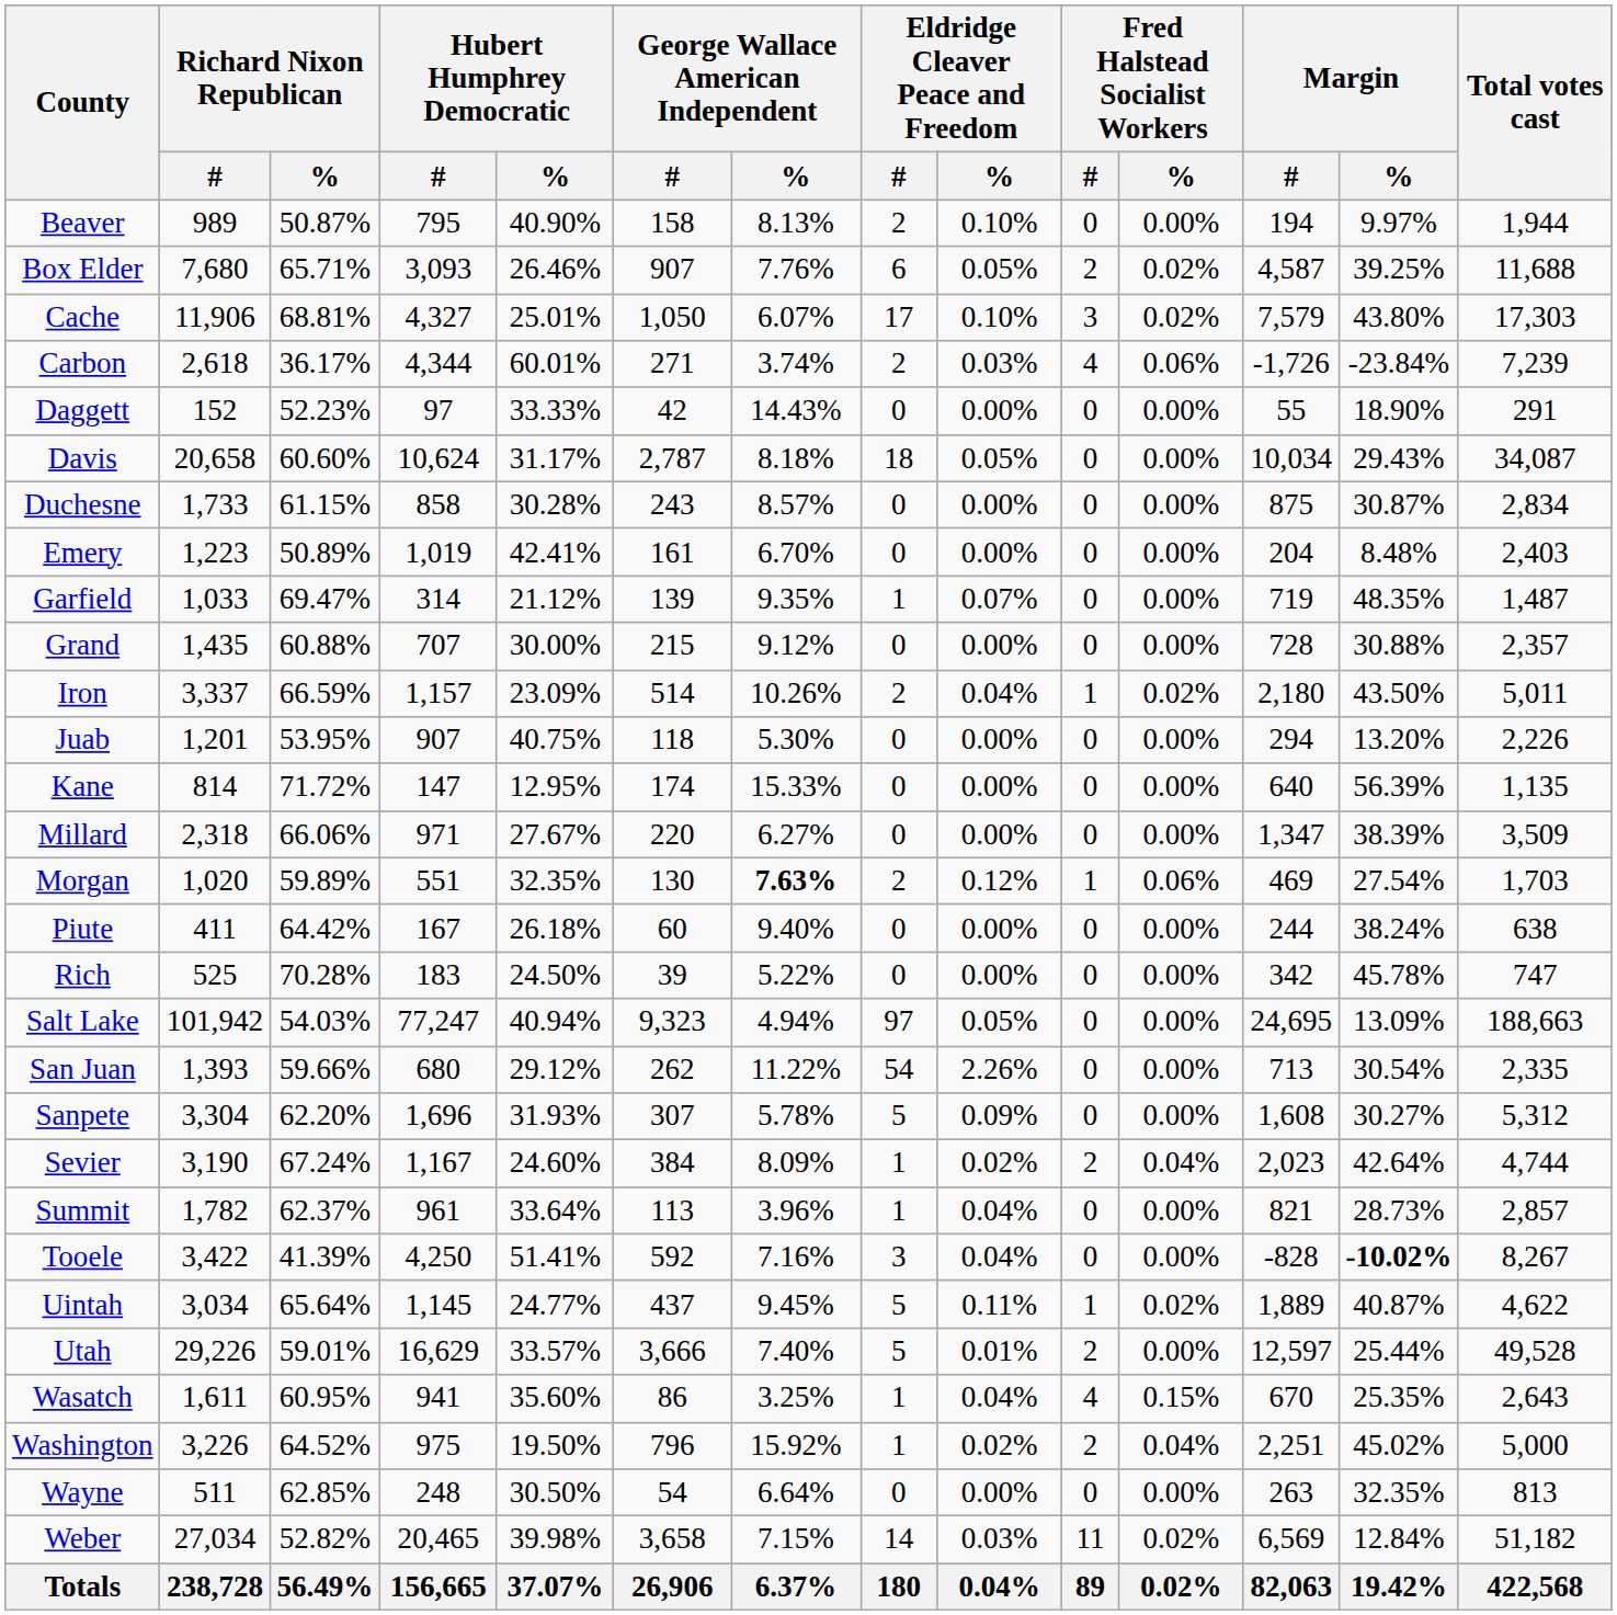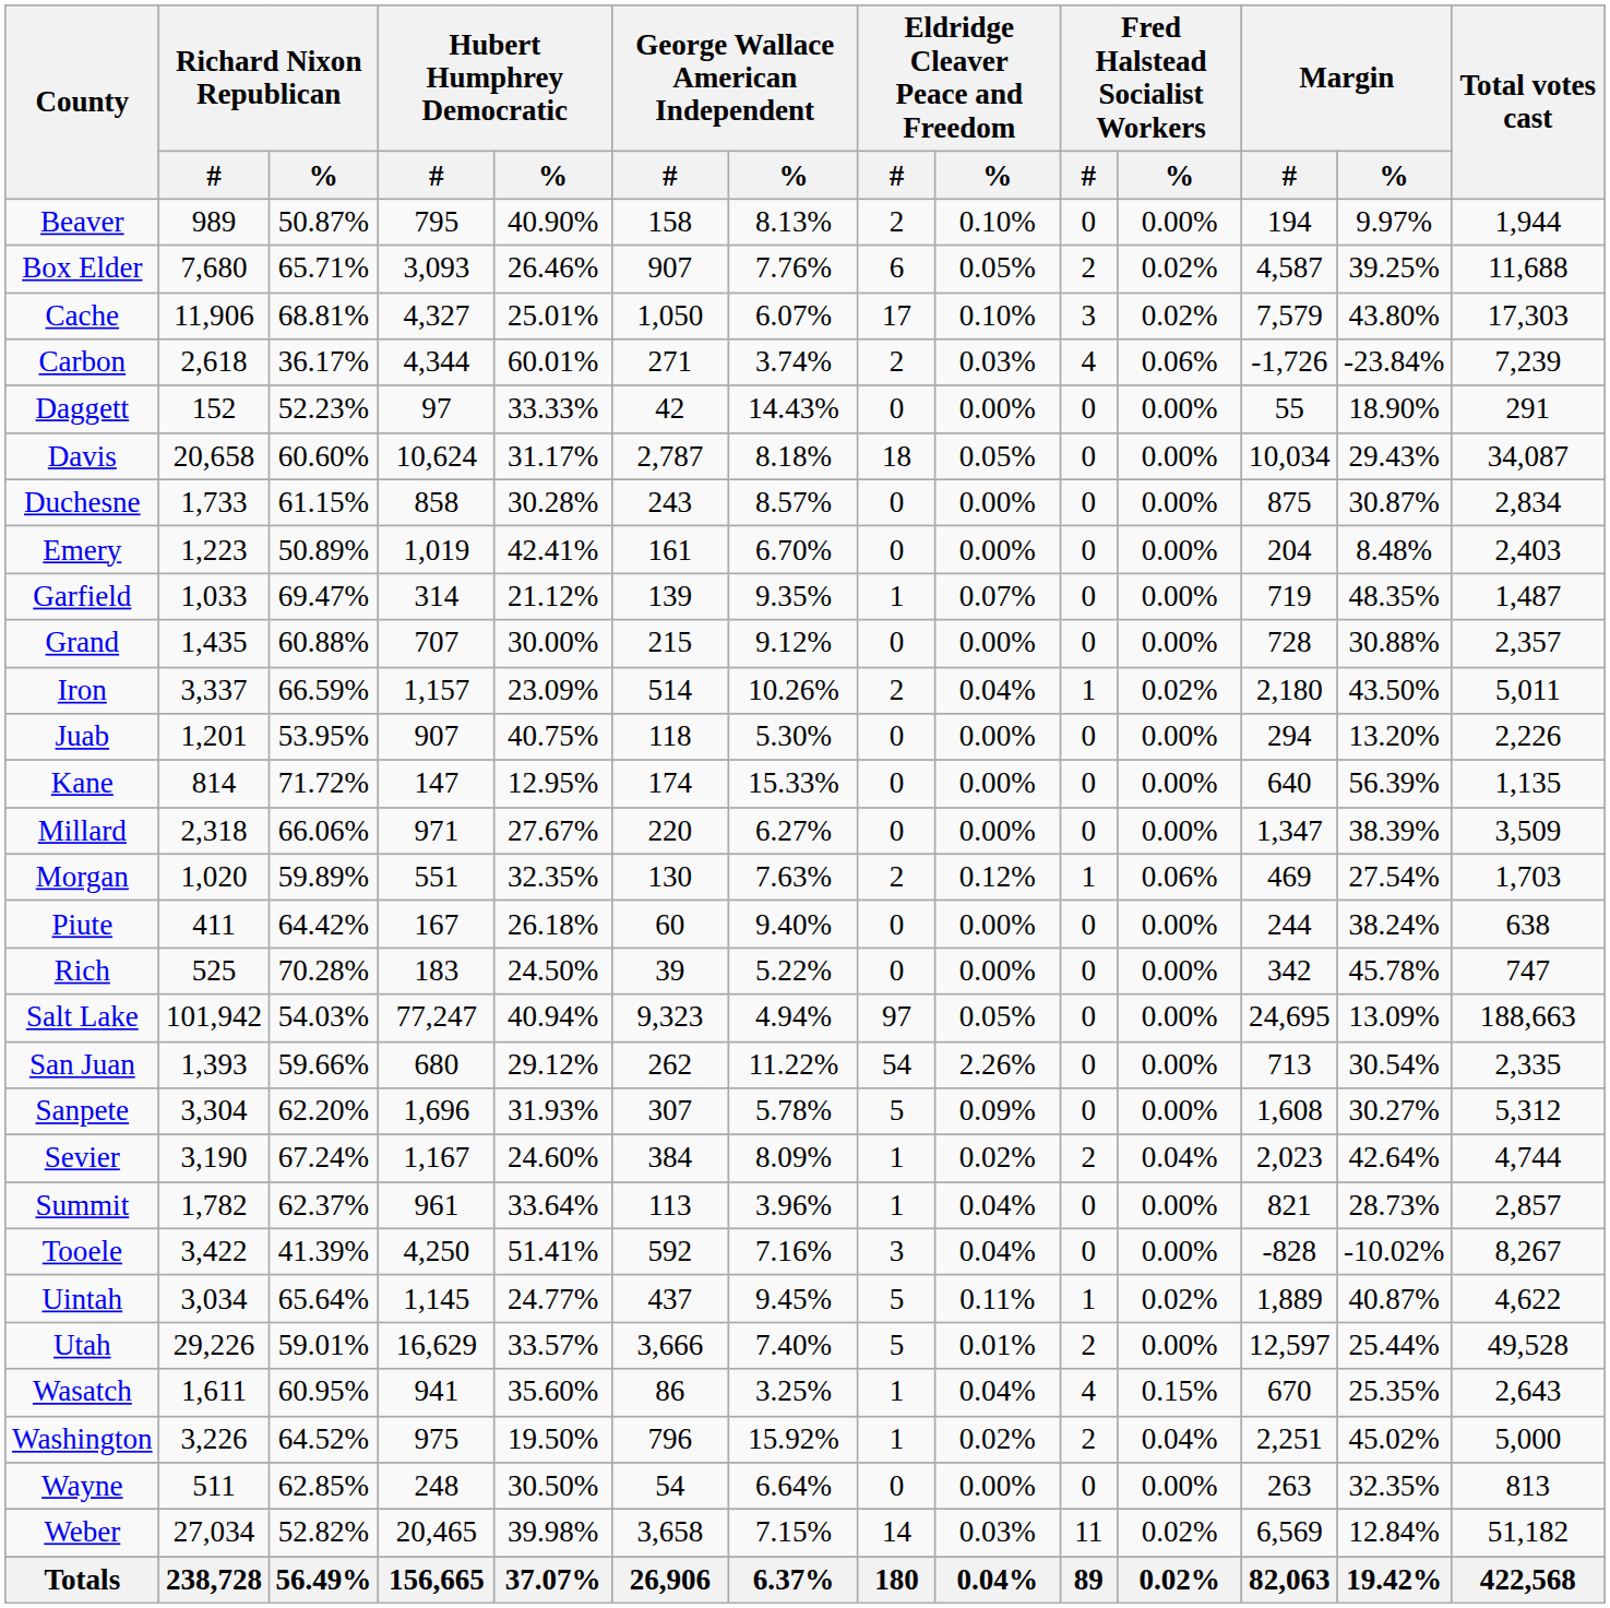 <table class="wikitable sortable" style="text-align:center">
 <tr>
 <th style="text-align:center;" rowspan="2">County</th>
 <th style="text-align:center;" colspan="2">Richard Nixon<br>Republican</th>
 <th style="text-align:center;" colspan="2">Hubert Humphrey<br>Democratic</th>
 <th style="text-align:center;" colspan="2">George Wallace<br>American Independent</th>
 <th style="text-align:center;" colspan="2">Eldridge Cleaver<br>Peace and Freedom</th>
 <th style="text-align:center;" colspan="2">Fred Halstead<br>Socialist Workers</th>
 <th style="text-align:center;" colspan="2">Margin</th>
 <th style="text-align:center;" rowspan="2">Total votes cast</th>
 </tr>
 <tr>
 <th style="text-align:center;" data-sort-type="number">#</th>
 <th style="text-align:center;" data-sort-type="number">%</th>
 <th style="text-align:center;" data-sort-type="number">#</th>
 <th style="text-align:center;" data-sort-type="number">%</th>
 <th style="text-align:center;" data-sort-type="number">#</th>
 <th style="text-align:center;" data-sort-type="number">%</th>
 <th style="text-align:center;" data-sort-type="number">#</th>
 <th style="text-align:center;" data-sort-type="number">%</th>
 <th style="text-align:center;" data-sort-type="number">#</th>
 <th style="text-align:center;" data-sort-type="number">%</th>
 <th style="text-align:center;" data-sort-type="number">#</th>
 <th style="text-align:center;" data-sort-type="number">%</th>
 </tr>
 <tr style="text-align:center;">
 <td><a href='#'>Beaver</a></td>
 <td>989</td>
 <td>50.87%</td>
 <td>795</td>
 <td>40.90%</td>
 <td>158</td>
 <td>8.13%</td>
 <td>2</td>
 <td>0.10%</td>
 <td>0</td>
 <td>0.00%</td>
 <td>194</td>
 <td>9.97%</td>
 <td>1,944</td>
 </tr>
 <tr style="text-align:center;">
 <td><a href='#'>Box Elder</a></td>
 <td>7,680</td>
 <td>65.71%</td>
 <td>3,093</td>
 <td>26.46%</td>
 <td>907</td>
 <td>7.76%</td>
 <td>6</td>
 <td>0.05%</td>
 <td>2</td>
 <td>0.02%</td>
 <td>4,587</td>
 <td>39.25%</td>
 <td>11,688</td>
 </tr>
 <tr style="text-align:center;">
 <td><a href='#'>Cache</a></td>
 <td>11,906</td>
 <td>68.81%</td>
 <td>4,327</td>
 <td>25.01%</td>
 <td>1,050</td>
 <td>6.07%</td>
 <td>17</td>
 <td>0.10%</td>
 <td>3</td>
 <td>0.02%</td>
 <td>7,579</td>
 <td>43.80%</td>
 <td>17,303</td>
 </tr>
 <tr style="text-align:center;">
 <td><a href='#'>Carbon</a></td>
 <td>2,618</td>
 <td>36.17%</td>
 <td>4,344</td>
 <td>60.01%</td>
 <td>271</td>
 <td>3.74%</td>
 <td>2</td>
 <td>0.03%</td>
 <td>4</td>
 <td>0.06%</td>
 <td>-1,726</td>
 <td>-23.84%</td>
 <td>7,239</td>
 </tr>
 <tr style="text-align:center;">
 <td><a href='#'>Daggett</a></td>
 <td>152</td>
 <td>52.23%</td>
 <td>97</td>
 <td>33.33%</td>
 <td>42</td>
 <td>14.43%</td>
 <td>0</td>
 <td>0.00%</td>
 <td>0</td>
 <td>0.00%</td>
 <td>55</td>
 <td>18.90%</td>
 <td>291</td>
 </tr>
 <tr style="text-align:center;">
 <td><a href='#'>Davis</a></td>
 <td>20,658</td>
 <td>60.60%</td>
 <td>10,624</td>
 <td>31.17%</td>
 <td>2,787</td>
 <td>8.18%</td>
 <td>18</td>
 <td>0.05%</td>
 <td>0</td>
 <td>0.00%</td>
 <td>10,034</td>
 <td>29.43%</td>
 <td>34,087</td>
 </tr>
 <tr style="text-align:center;">
 <td><a href='#'>Duchesne</a></td>
 <td>1,733</td>
 <td>61.15%</td>
 <td>858</td>
 <td>30.28%</td>
 <td>243</td>
 <td>8.57%</td>
 <td>0</td>
 <td>0.00%</td>
 <td>0</td>
 <td>0.00%</td>
 <td>875</td>
 <td>30.87%</td>
 <td>2,834</td>
 </tr>
 <tr style="text-align:center;">
 <td><a href='#'>Emery</a></td>
 <td>1,223</td>
 <td>50.89%</td>
 <td>1,019</td>
 <td>42.41%</td>
 <td>161</td>
 <td>6.70%</td>
 <td>0</td>
 <td>0.00%</td>
 <td>0</td>
 <td>0.00%</td>
 <td>204</td>
 <td>8.48%</td>
 <td>2,403</td>
 </tr>
 <tr style="text-align:center;">
 <td><a href='#'>Garfield</a></td>
 <td>1,033</td>
 <td>69.47%</td>
 <td>314</td>
 <td>21.12%</td>
 <td>139</td>
 <td>9.35%</td>
 <td>1</td>
 <td>0.07%</td>
 <td>0</td>
 <td>0.00%</td>
 <td>719</td>
 <td>48.35%</td>
 <td>1,487</td>
 </tr>
 <tr style="text-align:center;">
 <td><a href='#'>Grand</a></td>
 <td>1,435</td>
 <td>60.88%</td>
 <td>707</td>
 <td>30.00%</td>
 <td>215</td>
 <td>9.12%</td>
 <td>0</td>
 <td>0.00%</td>
 <td>0</td>
 <td>0.00%</td>
 <td>728</td>
 <td>30.88%</td>
 <td>2,357</td>
 </tr>
 <tr style="text-align:center;">
 <td><a href='#'>Iron</a></td>
 <td>3,337</td>
 <td>66.59%</td>
 <td>1,157</td>
 <td>23.09%</td>
 <td>514</td>
 <td>10.26%</td>
 <td>2</td>
 <td>0.04%</td>
 <td>1</td>
 <td>0.02%</td>
 <td>2,180</td>
 <td>43.50%</td>
 <td>5,011</td>
 </tr>
 <tr style="text-align:center;">
 <td><a href='#'>Juab</a></td>
 <td>1,201</td>
 <td>53.95%</td>
 <td>907</td>
 <td>40.75%</td>
 <td>118</td>
 <td>5.30%</td>
 <td>0</td>
 <td>0.00%</td>
 <td>0</td>
 <td>0.00%</td>
 <td>294</td>
 <td>13.20%</td>
 <td>2,226</td>
 </tr>
 <tr style="text-align:center;">
 <td><a href='#'>Kane</a></td>
 <td>814</td>
 <td>71.72%</td>
 <td>147</td>
 <td>12.95%</td>
 <td>174</td>
 <td>15.33%</td>
 <td>0</td>
 <td>0.00%</td>
 <td>0</td>
 <td>0.00%</td>
 <td>640</td>
 <td>56.39%</td>
 <td>1,135</td>
 </tr>
 <tr style="text-align:center;">
 <td><a href='#'>Millard</a></td>
 <td>2,318</td>
 <td>66.06%</td>
 <td>971</td>
 <td>27.67%</td>
 <td>220</td>
 <td>6.27%</td>
 <td>0</td>
 <td>0.00%</td>
 <td>0</td>
 <td>0.00%</td>
 <td>1,347</td>
 <td>38.39%</td>
 <td>3,509</td>
 </tr>
 <tr style="text-align:center;">
 <td><a href='#'>Morgan</a></td>
 <td>1,020</td>
 <td>59.89%</td>
 <td>551</td>
 <td>32.35%</td>
 <td>130</td>
-<td><strong>7.63%</strong></td>
+<td>7.63%</td>
 <td>2</td>
 <td>0.12%</td>
 <td>1</td>
 <td>0.06%</td>
 <td>469</td>
 <td>27.54%</td>
 <td>1,703</td>
 </tr>
 <tr style="text-align:center;">
 <td><a href='#'>Piute</a></td>
 <td>411</td>
 <td>64.42%</td>
 <td>167</td>
 <td>26.18%</td>
 <td>60</td>
 <td>9.40%</td>
 <td>0</td>
 <td>0.00%</td>
 <td>0</td>
 <td>0.00%</td>
 <td>244</td>
 <td>38.24%</td>
 <td>638</td>
 </tr>
 <tr style="text-align:center;">
 <td><a href='#'>Rich</a></td>
 <td>525</td>
 <td>70.28%</td>
 <td>183</td>
 <td>24.50%</td>
 <td>39</td>
 <td>5.22%</td>
 <td>0</td>
 <td>0.00%</td>
 <td>0</td>
 <td>0.00%</td>
 <td>342</td>
 <td>45.78%</td>
 <td>747</td>
 </tr>
 <tr style="text-align:center;">
 <td><a href='#'>Salt Lake</a></td>
 <td>101,942</td>
 <td>54.03%</td>
 <td>77,247</td>
 <td>40.94%</td>
 <td>9,323</td>
 <td>4.94%</td>
 <td>97</td>
 <td>0.05%</td>
 <td>0</td>
 <td>0.00%</td>
 <td>24,695</td>
 <td>13.09%</td>
 <td>188,663</td>
 </tr>
 <tr style="text-align:center;">
 <td><a href='#'>San Juan</a></td>
 <td>1,393</td>
 <td>59.66%</td>
 <td>680</td>
 <td>29.12%</td>
 <td>262</td>
 <td>11.22%</td>
 <td>54</td>
 <td>2.26%</td>
 <td>0</td>
 <td>0.00%</td>
 <td>713</td>
 <td>30.54%</td>
 <td>2,335</td>
 </tr>
 <tr style="text-align:center;">
 <td><a href='#'>Sanpete</a></td>
 <td>3,304</td>
 <td>62.20%</td>
 <td>1,696</td>
 <td>31.93%</td>
 <td>307</td>
 <td>5.78%</td>
 <td>5</td>
 <td>0.09%</td>
 <td>0</td>
 <td>0.00%</td>
 <td>1,608</td>
 <td>30.27%</td>
 <td>5,312</td>
 </tr>
 <tr style="text-align:center;">
 <td><a href='#'>Sevier</a></td>
 <td>3,190</td>
 <td>67.24%</td>
 <td>1,167</td>
 <td>24.60%</td>
 <td>384</td>
 <td>8.09%</td>
 <td>1</td>
 <td>0.02%</td>
 <td>2</td>
 <td>0.04%</td>
 <td>2,023</td>
 <td>42.64%</td>
 <td>4,744</td>
 </tr>
 <tr style="text-align:center;">
 <td><a href='#'>Summit</a></td>
 <td>1,782</td>
 <td>62.37%</td>
 <td>961</td>
 <td>33.64%</td>
 <td>113</td>
 <td>3.96%</td>
 <td>1</td>
 <td>0.04%</td>
 <td>0</td>
 <td>0.00%</td>
 <td>821</td>
 <td>28.73%</td>
 <td>2,857</td>
 </tr>
 <tr style="text-align:center;">
 <td><a href='#'>Tooele</a></td>
 <td>3,422</td>
 <td>41.39%</td>
 <td>4,250</td>
 <td>51.41%</td>
 <td>592</td>
 <td>7.16%</td>
 <td>3</td>
 <td>0.04%</td>
 <td>0</td>
 <td>0.00%</td>
 <td>-828</td>
-<td><strong>-10.02%</strong></td>
+<td>-10.02%</td>
 <td>8,267</td>
 </tr>
 <tr style="text-align:center;">
 <td><a href='#'>Uintah</a></td>
 <td>3,034</td>
 <td>65.64%</td>
 <td>1,145</td>
 <td>24.77%</td>
 <td>437</td>
 <td>9.45%</td>
 <td>5</td>
 <td>0.11%</td>
 <td>1</td>
 <td>0.02%</td>
 <td>1,889</td>
 <td>40.87%</td>
 <td>4,622</td>
 </tr>
 <tr style="text-align:center;">
 <td><a href='#'>Utah</a></td>
 <td>29,226</td>
 <td>59.01%</td>
 <td>16,629</td>
 <td>33.57%</td>
 <td>3,666</td>
 <td>7.40%</td>
 <td>5</td>
 <td>0.01%</td>
 <td>2</td>
 <td>0.00%</td>
 <td>12,597</td>
 <td>25.44%</td>
 <td>49,528</td>
 </tr>
 <tr style="text-align:center;">
 <td><a href='#'>Wasatch</a></td>
 <td>1,611</td>
 <td>60.95%</td>
 <td>941</td>
 <td>35.60%</td>
 <td>86</td>
 <td>3.25%</td>
 <td>1</td>
 <td>0.04%</td>
 <td>4</td>
 <td>0.15%</td>
 <td>670</td>
 <td>25.35%</td>
 <td>2,643</td>
 </tr>
 <tr style="text-align:center;">
 <td><a href='#'>Washington</a></td>
 <td>3,226</td>
 <td>64.52%</td>
 <td>975</td>
 <td>19.50%</td>
 <td>796</td>
 <td>15.92%</td>
 <td>1</td>
 <td>0.02%</td>
 <td>2</td>
 <td>0.04%</td>
 <td>2,251</td>
 <td>45.02%</td>
 <td>5,000</td>
 </tr>
 <tr style="text-align:center;">
 <td><a href='#'>Wayne</a></td>
 <td>511</td>
 <td>62.85%</td>
 <td>248</td>
 <td>30.50%</td>
 <td>54</td>
 <td>6.64%</td>
 <td>0</td>
 <td>0.00%</td>
 <td>0</td>
 <td>0.00%</td>
 <td>263</td>
 <td>32.35%</td>
 <td>813</td>
 </tr>
 <tr style="text-align:center;">
 <td><a href='#'>Weber</a></td>
 <td>27,034</td>
 <td>52.82%</td>
 <td>20,465</td>
 <td>39.98%</td>
 <td>3,658</td>
 <td>7.15%</td>
 <td>14</td>
 <td>0.03%</td>
 <td>11</td>
 <td>0.02%</td>
 <td>6,569</td>
 <td>12.84%</td>
 <td>51,182</td>
 </tr>
 <tr style="text-align:center;">
 <th>Totals</th>
 <th>238,728</th>
 <th>56.49%</th>
 <th>156,665</th>
 <th>37.07%</th>
 <th>26,906</th>
 <th>6.37%</th>
 <th>180</th>
 <th>0.04%</th>
 <th>89</th>
 <th>0.02%</th>
 <th>82,063</th>
 <th>19.42%</th>
 <th>422,568</th>
 </tr>
 </table>
